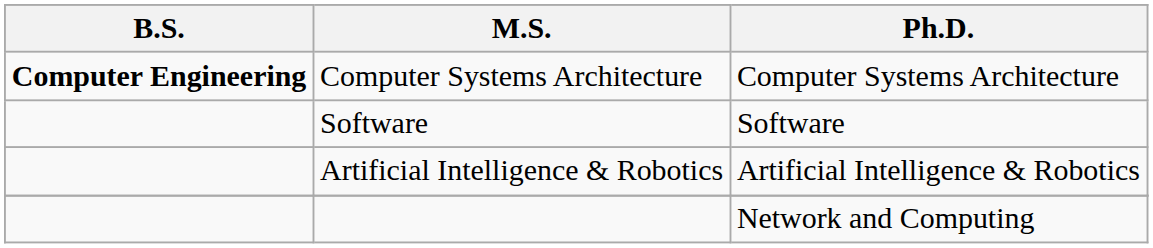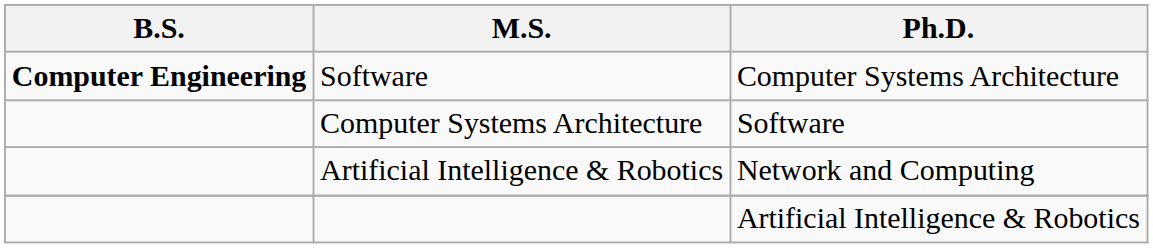 <table class="wikitable">
 <tr>
 <th>B.S.</th>
 <th>M.S.</th>
 <th>Ph.D.</th>
 </tr>
 <tr>
 <td><strong>Computer Engineering</strong></td>
-<td>Computer Systems Architecture</td>
+<td>Software</td>
 <td>Computer Systems Architecture</td>
 </tr>
 <tr>
 <td></td>
-<td>Software</td>
+<td>Computer Systems Architecture</td>
 <td>Software</td>
 </tr>
 <tr>
 <td></td>
 <td>Artificial Intelligence & Robotics</td>
-<td>Artificial Intelligence & Robotics</td>
+<td>Network and Computing</td>
 </tr>
 <tr>
 </tr>
 <tr>
 <td></td>
 <td></td>
-<td>Network and Computing</td>
+<td>Artificial Intelligence & Robotics</td>
 </tr>
 </table>
